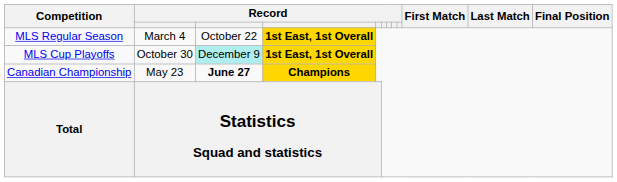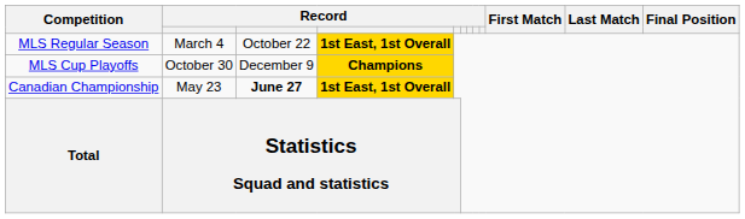 <table class="wikitable" style="text-align: center">
 <tr>
 <th rowspan="2">Competition</th>
 <th colspan="8">Record</th>
 <th rowspan="2">First Match</th>
 <th rowspan="2">Last Match</th>
 <th rowspan="2">Final Position</th>
 </tr>
 <tr>
 <th></th>
 <th></th>
 <th></th>
 <th></th>
 <th></th>
 <th></th>
 <th></th>
 <th></th>
 </tr>
 <tr>
 <td><a href='#'>MLS Regular Season</a><br></td>
 <td>March 4</td>
 <td>October 22</td>
 <td bgcolor=gold><strong>1st East, 1st Overall</strong></td>
 </tr>
 <tr>
 <td><a href='#'>MLS Cup Playoffs</a><br></td>
 <td>October 30</td>
-<td style="background: paleturquoise;">December 9</td>
-<td bgcolor=gold><strong>1st East, 1st Overall</strong></td>
+<td>December 9</td>
+<td bgcolor=gold><strong>Champions</strong></td>
 </tr>
 <tr>
 <td><a href='#'>Canadian Championship</a><br></td>
 <td>May 23</td>
 <td><strong>June 27</strong></td>
-<td bgcolor=gold><strong>Champions</strong></td>
+<td bgcolor=gold><strong>1st East, 1st Overall</strong></td>
 </tr>
 <tr>
 <th>Total<br></th>
 <th colspan=4><br><h2>Statistics</h2><h3>Squad and statistics</h3>                              </th>
 </tr>
 </table>
